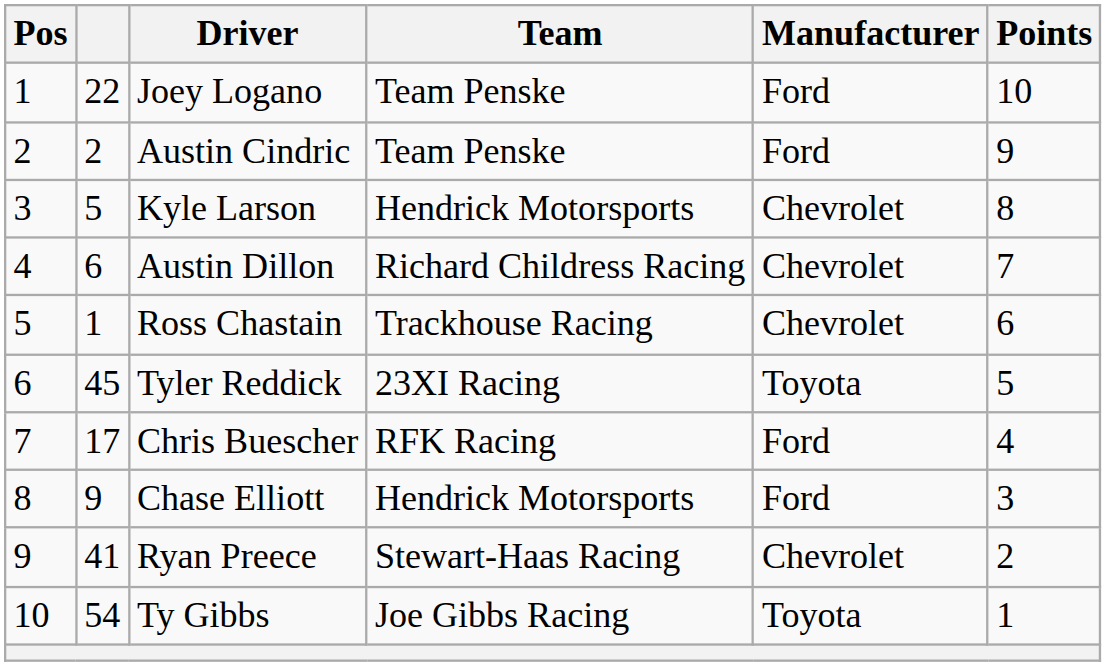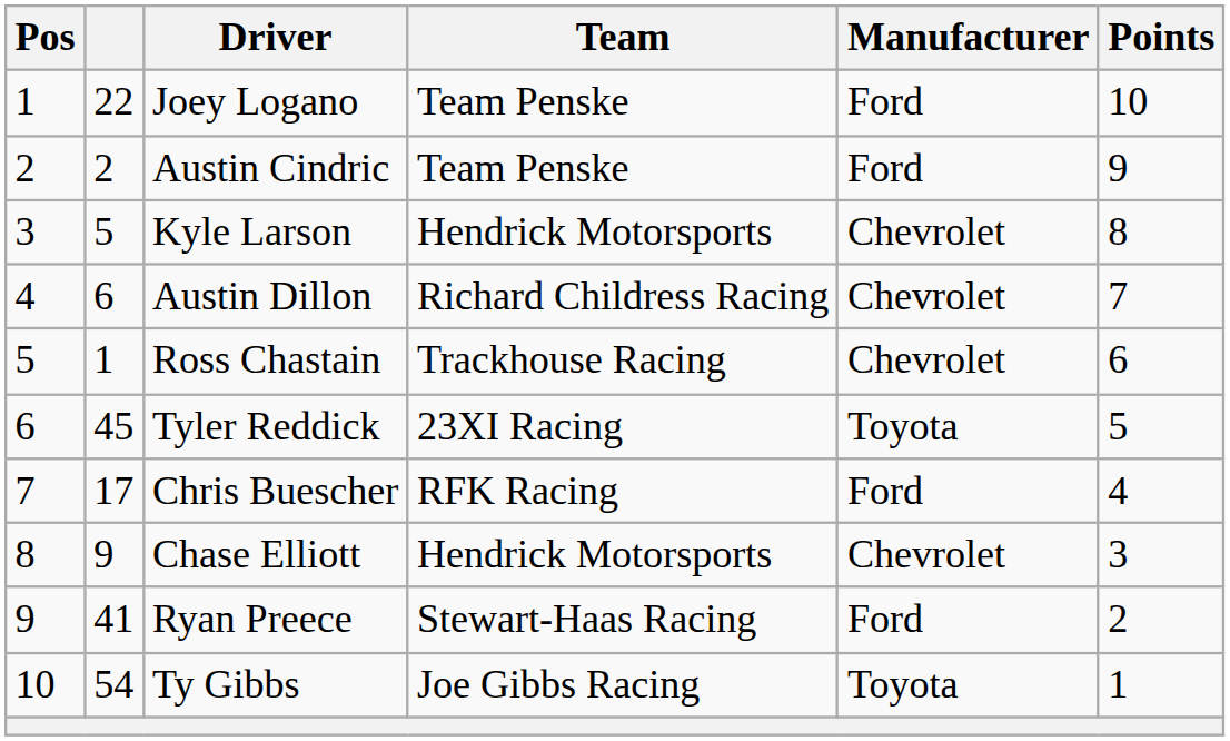 <table class="wikitable" style="font-size:98%">
 <tr>
 <th>Pos</th>
 <th></th>
 <th>Driver</th>
 <th>Team</th>
 <th>Manufacturer</th>
 <th>Points</th>
 </tr>
 <tr>
 <td>1</td>
 <td>22</td>
 <td>Joey Logano</td>
 <td>Team Penske</td>
 <td>Ford</td>
 <td>10</td>
 </tr>
 <tr>
 <td>2</td>
 <td>2</td>
 <td>Austin Cindric</td>
 <td>Team Penske</td>
 <td>Ford</td>
 <td>9</td>
 </tr>
 <tr>
 <td>3</td>
 <td>5</td>
 <td>Kyle Larson</td>
 <td>Hendrick Motorsports</td>
 <td>Chevrolet</td>
 <td>8</td>
 </tr>
 <tr>
 <td>4</td>
 <td>6</td>
 <td>Austin Dillon</td>
 <td>Richard Childress Racing</td>
 <td>Chevrolet</td>
 <td>7</td>
 </tr>
 <tr>
 <td>5</td>
 <td>1</td>
 <td>Ross Chastain</td>
 <td>Trackhouse Racing</td>
 <td>Chevrolet</td>
 <td>6</td>
 </tr>
 <tr>
 <td>6</td>
 <td>45</td>
 <td>Tyler Reddick</td>
 <td>23XI Racing</td>
 <td>Toyota</td>
 <td>5</td>
 </tr>
 <tr>
 <td>7</td>
 <td>17</td>
 <td>Chris Buescher</td>
 <td>RFK Racing</td>
 <td>Ford</td>
 <td>4</td>
 </tr>
 <tr>
 <td>8</td>
 <td>9</td>
 <td>Chase Elliott</td>
 <td>Hendrick Motorsports</td>
-<td>Ford</td>
+<td>Chevrolet</td>
 <td>3</td>
 </tr>
 <tr>
 <td>9</td>
 <td>41</td>
 <td>Ryan Preece</td>
 <td>Stewart-Haas Racing</td>
-<td>Chevrolet</td>
+<td>Ford</td>
 <td>2</td>
 </tr>
 <tr>
 <td>10</td>
 <td>54</td>
 <td>Ty Gibbs</td>
 <td>Joe Gibbs Racing</td>
 <td>Toyota</td>
 <td>1</td>
 </tr>
 <tr>
 <th colspan="6"></th>
 </tr>
 </table>
